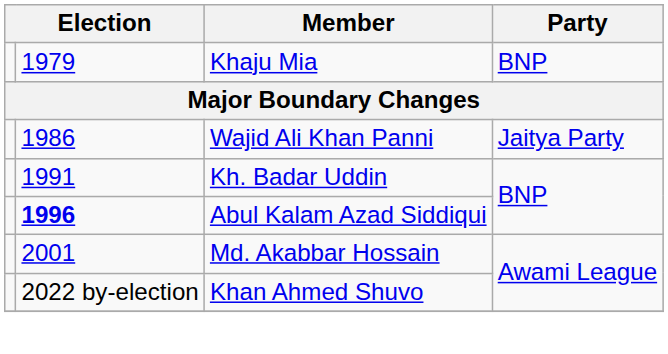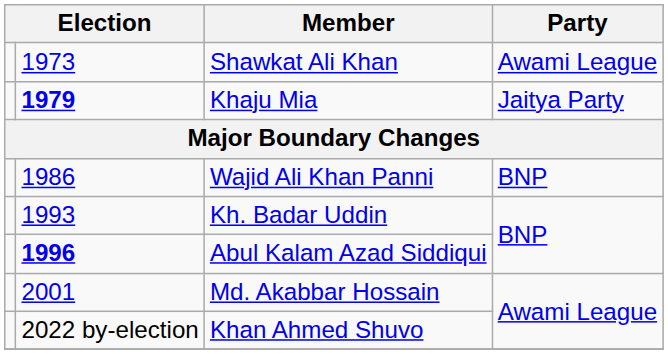 <table class="wikitable">
 <tr>
 <th colspan="2">Election</th>
 <th>Member</th>
 <th>Party</th>
 </tr>
 <tr>
 <td style="background-color:"></td>
-<td><a href='#'>1979</a></td>
+<td><a href='#'>1973</a></td>
+<td><a href='#'>Shawkat Ali Khan</a></td>
+<td><a href='#'>Awami League</a></td>
+</tr>
+<tr>
+<td style="background-color:"></td>
+<td><strong><a href='#'>1979</a></strong></td>
 <td><a href='#'>Khaju Mia</a></td>
-<td><a href='#'>BNP</a></td>
+<td><a href='#'>Jaitya Party</a></td>
 </tr>
 <tr>
 <th colspan="4">Major Boundary Changes</th>
 </tr>
 <tr>
 <td style="background-color:"></td>
 <td><a href='#'>1986</a></td>
 <td><a href='#'>Wajid Ali Khan Panni</a></td>
-<td><a href='#'>Jaitya Party</a></td>
+<td><a href='#'>BNP</a></td>
 </tr>
 <tr>
 <td style="background-color:"></td>
-<td><a href='#'>1991</a></td>
+<td><a href='#'>1993</a></td>
 <td><a href='#'>Kh. Badar Uddin</a></td>
 <td rowspan="2"><a href='#'>BNP</a></td>
 </tr>
 <tr>
 <td style="background-color:"></td>
 <td><strong><a href='#'>1996</a></strong></td>
 <td><a href='#'>Abul Kalam Azad Siddiqui</a></td>
 </tr>
 <tr>
 <td style="background-color:"></td>
 <td><a href='#'>2001</a></td>
 <td><a href='#'>Md. Akabbar Hossain</a></td>
 <td rowspan="2"><a href='#'>Awami League</a></td>
 </tr>
 <tr>
 <td style="background-color:"></td>
 <td>2022 by-election</td>
 <td><a href='#'>Khan Ahmed Shuvo</a></td>
 </tr>
 <tr>
 </tr>
 </table>
